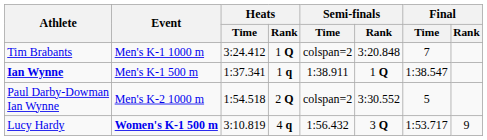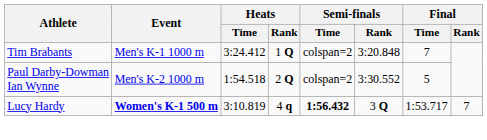 <table class="wikitable" style="font-size:90%">
 <tr>
 <th rowspan=2>Athlete</th>
 <th rowspan=2>Event</th>
 <th colspan=2>Heats</th>
 <th colspan=2>Semi-finals</th>
 <th colspan=2>Final</th>
 </tr>
 <tr style="font-size:95%">
 <th>Time</th>
 <th>Rank</th>
 <th>Time</th>
 <th>Rank</th>
 <th>Time</th>
 <th>Rank</th>
 </tr>
 <tr align=center>
 <td align=left><a href='#'>Tim Brabants</a></td>
 <td align=left><a href='#'>Men's K-1 1000 m</a></td>
 <td>3:24.412</td>
 <td>1 <strong>Q</strong></td>
 <td>colspan=2 </td>
 <td>3:20.848</td>
 <td>7</td>
 </tr>
 <tr align=center>
-<td align=left><strong><a href='#'>Ian Wynne</a></strong></td>
-<td align=left><a href='#'>Men's K-1 500 m</a></td>
-<td>1:37.341</td>
-<td>1 <strong>q</strong></td>
-<td>1:38.911</td>
-<td>1 <strong>Q</strong></td>
-<td>1:38.547</td>
-<td></td>
-</tr>
-<tr align=center>
 <td align=left><a href='#'>Paul Darby-Dowman</a><br><a href='#'>Ian Wynne</a></td>
 <td align=left><a href='#'>Men's K-2 1000 m</a></td>
 <td>1:54.518</td>
 <td>2 <strong>Q</strong></td>
 <td>colspan=2 </td>
 <td>3:30.552</td>
 <td>5</td>
 </tr>
 <tr align=center>
 <td align=left><a href='#'>Lucy Hardy</a></td>
 <td align=left><strong><a href='#'>Women's K-1 500 m</a></strong></td>
 <td>3:10.819</td>
 <td>4 <strong>q</strong></td>
-<td>1:56.432</td>
+<td><strong>1:56.432</strong></td>
 <td>3 <strong>Q</strong></td>
 <td>1:53.717</td>
-<td>9</td>
+<td>7</td>
 </tr>
 </table>
